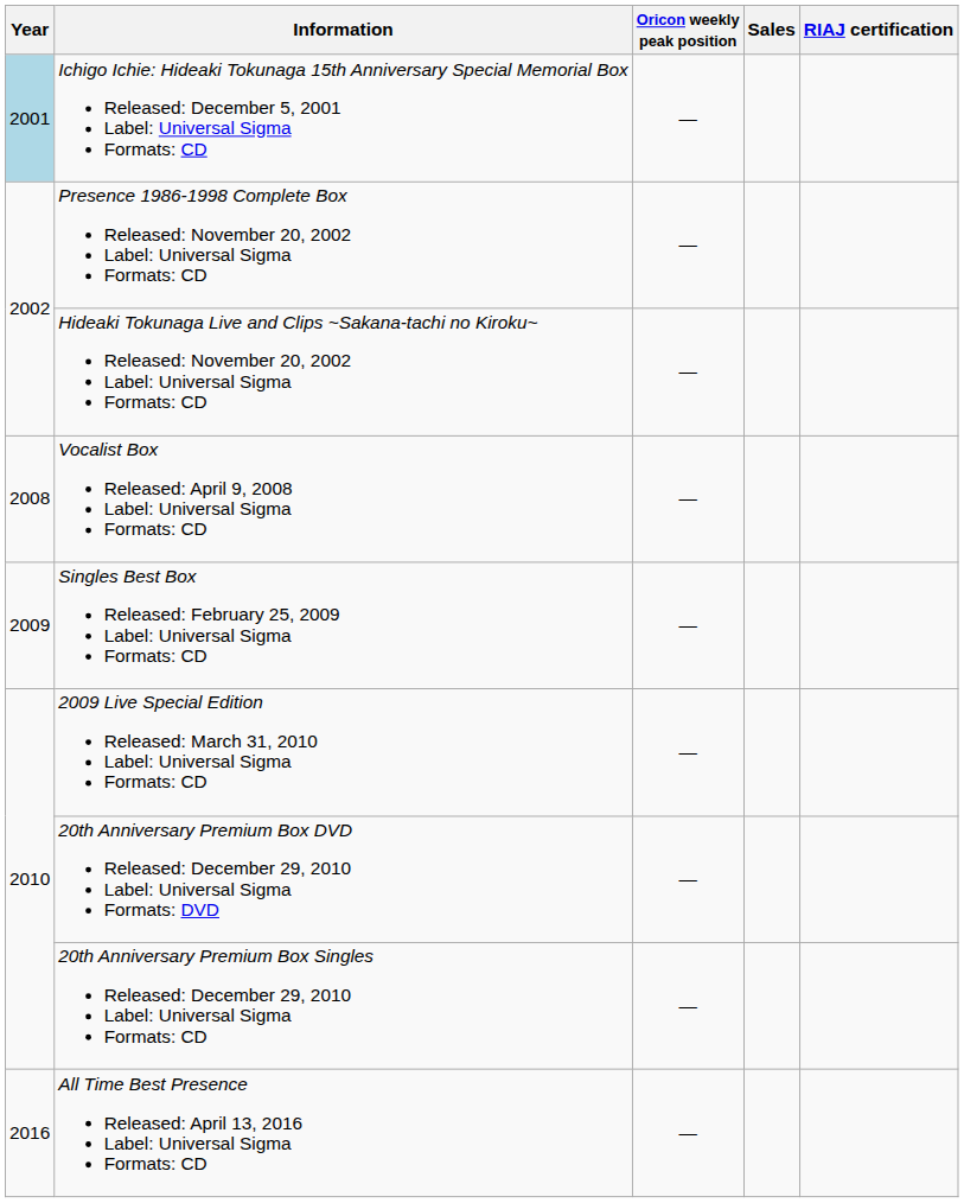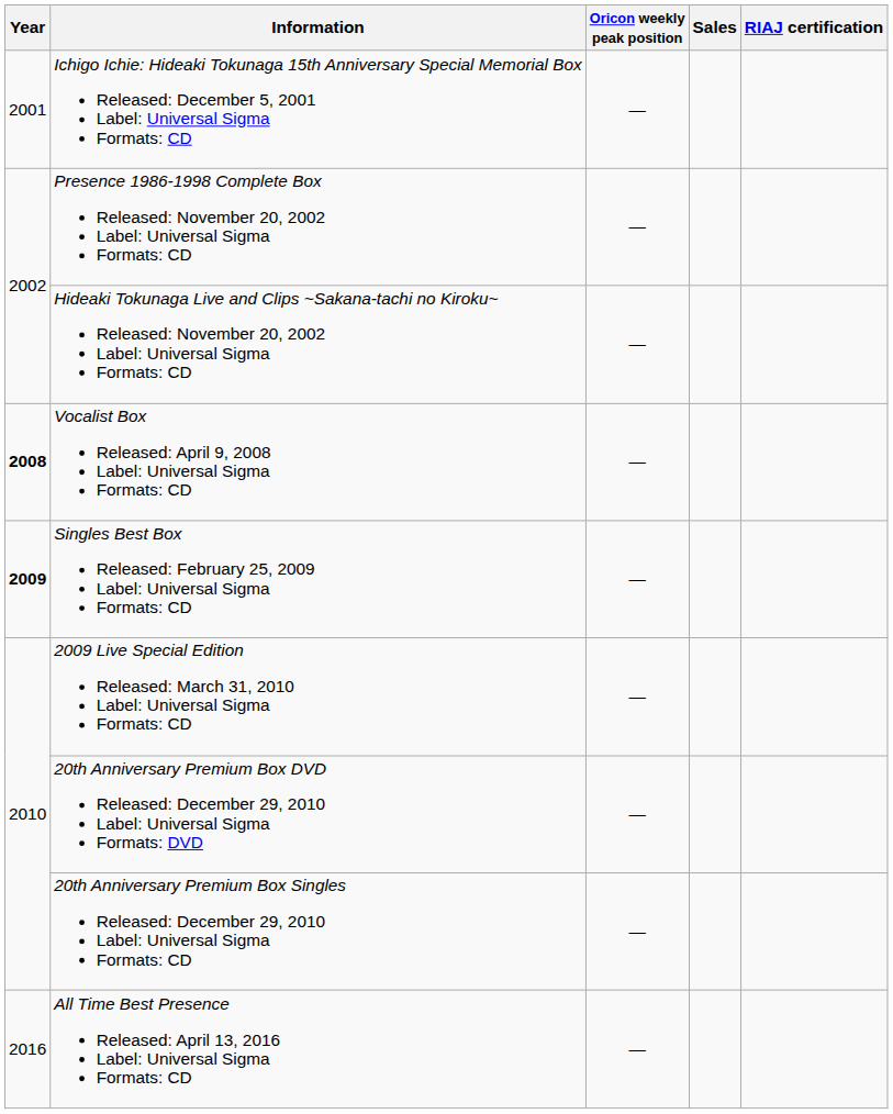 <table class="wikitable">
 <tr>
 <th>Year</th>
 <th>Information</th>
 <th><small><a href='#'>Oricon</a> weekly<br>peak position</small></th>
 <th>Sales<br></th>
 <th><a href='#'>RIAJ</a> certification</th>
 </tr>
 <tr>
-<td style="background: lightblue;">2001</td>
+<td>2001</td>
 <td><em>Ichigo Ichie: Hideaki Tokunaga 15th Anniversary Special Memorial Box</em><br><ul><li>Released: December 5, 2001</li><li>Label: <a href='#'>Universal Sigma</a></li><li>Formats: <a href='#'>CD</a></li></ul></td>
 <td style="text-align:center;">—</td>
 <td align="left"></td>
 <td align="left"></td>
 </tr>
 <tr>
 <td rowspan="2">2002</td>
 <td><em>Presence 1986-1998 Complete Box</em><br><ul><li>Released: November 20, 2002</li><li>Label: Universal Sigma</li><li>Formats: CD</li></ul></td>
 <td style="text-align:center;">—</td>
 <td align="left"></td>
 <td align="left"></td>
 </tr>
 <tr>
 <td><em>Hideaki Tokunaga Live and Clips ~Sakana-tachi no Kiroku~</em><br><ul><li>Released: November 20, 2002</li><li>Label: Universal Sigma</li><li>Formats: CD</li></ul></td>
 <td style="text-align:center;">—</td>
 <td align="left"></td>
 <td align="left"></td>
 </tr>
 <tr>
-<td>2008</td>
+<td><strong>2008</strong></td>
 <td><em>Vocalist Box</em><br><ul><li>Released: April 9, 2008</li><li>Label: Universal Sigma</li><li>Formats: CD</li></ul></td>
 <td style="text-align:center;">—</td>
 <td align="left"></td>
 <td align="left"></td>
 </tr>
 <tr>
-<td>2009</td>
+<td><strong>2009</strong></td>
 <td><em>Singles Best Box</em><br><ul><li>Released: February 25, 2009</li><li>Label: Universal Sigma</li><li>Formats: CD</li></ul></td>
 <td style="text-align:center;">—</td>
 <td align="left"></td>
 <td align="left"></td>
 </tr>
 <tr>
 <td rowspan="3">2010</td>
 <td><em>2009 Live Special Edition</em><br><ul><li>Released: March 31, 2010</li><li>Label: Universal Sigma</li><li>Formats: CD</li></ul></td>
 <td style="text-align:center;">—</td>
 <td align="left"></td>
 <td align="left"></td>
 </tr>
 <tr>
 <td><em>20th Anniversary Premium Box DVD</em><br><ul><li>Released: December 29, 2010</li><li>Label: Universal Sigma</li><li>Formats: <a href='#'>DVD</a></li></ul></td>
 <td style="text-align:center;">—</td>
 <td align="left"></td>
 <td align="left"></td>
 </tr>
 <tr>
 <td><em>20th Anniversary Premium Box Singles</em><br><ul><li>Released: December 29, 2010</li><li>Label: Universal Sigma</li><li>Formats: CD</li></ul></td>
 <td style="text-align:center;">—</td>
 <td align="left"></td>
 <td align="left"></td>
 </tr>
 <tr>
 <td>2016</td>
 <td><em>All Time Best Presence</em><br><ul><li>Released: April 13, 2016</li><li>Label: Universal Sigma</li><li>Formats: CD</li></ul></td>
 <td style="text-align:center;">—</td>
 <td align="left"></td>
 <td align="left"></td>
 </tr>
 </table>
